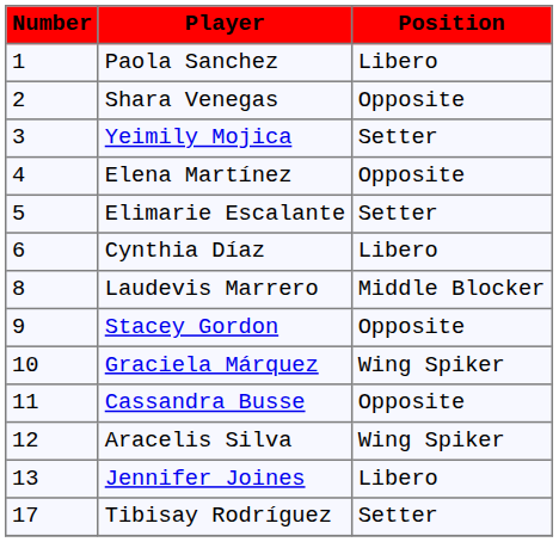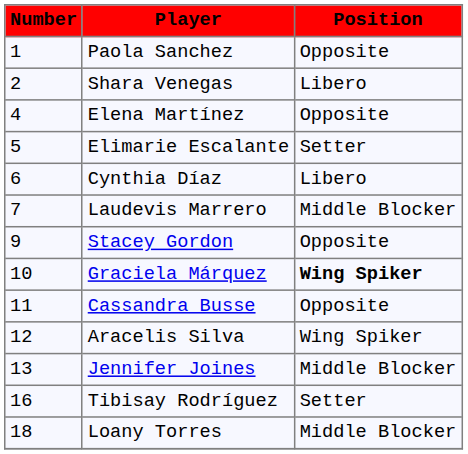 <table bgcolor="#f7f8ff" cellpadding="3" cellspacing="0" border="1" style="font-size: 95%; border: gray solid 1px; border-collapse: collapse;">
 <tr bgcolor="#ff0000">
 <td align=center><strong>Number</strong></td>
 <td align=center><strong>Player</strong></td>
 <td align=center><strong>Position</strong></td>
 </tr>
 <tr align="left">
 <td>1</td>
 <td> Paola Sanchez</td>
-<td>Libero</td>
+<td>Opposite</td>
 </tr>
 <tr align=left>
 <td>2</td>
 <td> Shara Venegas</td>
-<td>Opposite</td>
-</tr>
-<tr align="left">
-<td>3</td>
-<td> <a href='#'>Yeimily Mojica</a></td>
-<td>Setter</td>
+<td>Libero</td>
 </tr>
 <tr align="left">
 <td>4</td>
 <td> Elena Martínez</td>
 <td>Opposite</td>
 </tr>
 <tr align="left">
 <td>5</td>
 <td> Elimarie Escalante</td>
 <td>Setter</td>
 </tr>
 <tr align="left">
 <td>6</td>
 <td> Cynthia Díaz</td>
 <td>Libero</td>
 </tr>
 <tr align="left">
-<td>8</td>
+<td>7</td>
 <td> Laudevis Marrero</td>
 <td>Middle Blocker</td>
 </tr>
 <tr align="left">
 <td>9</td>
 <td> <a href='#'>Stacey Gordon</a></td>
 <td>Opposite</td>
 </tr>
 <tr align="left">
 <td>10</td>
 <td> <a href='#'>Graciela Márquez</a></td>
-<td>Wing Spiker</td>
+<td><strong>Wing Spiker</strong></td>
 </tr>
 <tr align="left">
 <td>11</td>
 <td> <a href='#'>Cassandra Busse</a></td>
 <td>Opposite</td>
 </tr>
 <tr align="left">
 <td>12</td>
 <td> Aracelis Silva</td>
 <td>Wing Spiker</td>
 </tr>
 <tr align="left">
 <td>13</td>
 <td> <a href='#'>Jennifer Joines</a></td>
-<td>Libero</td>
+<td>Middle Blocker</td>
 </tr>
 <tr align="left">
-<td>17</td>
+<td>16</td>
 <td> Tibisay Rodríguez</td>
 <td>Setter</td>
 </tr>
 <tr align="left">
+<td>18</td>
+<td> Loany Torres</td>
+<td>Middle Blocker</td>
+</tr>
+<tr align="left">
 </tr>
 </table>
